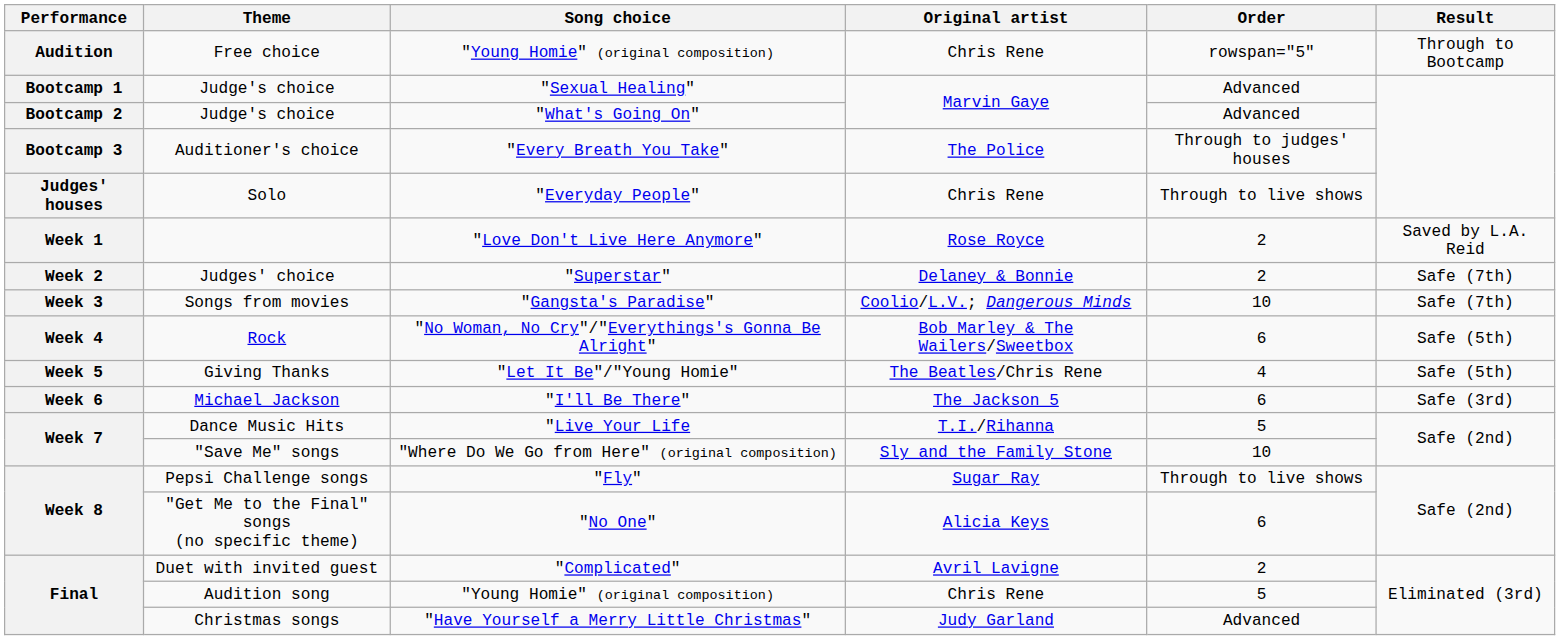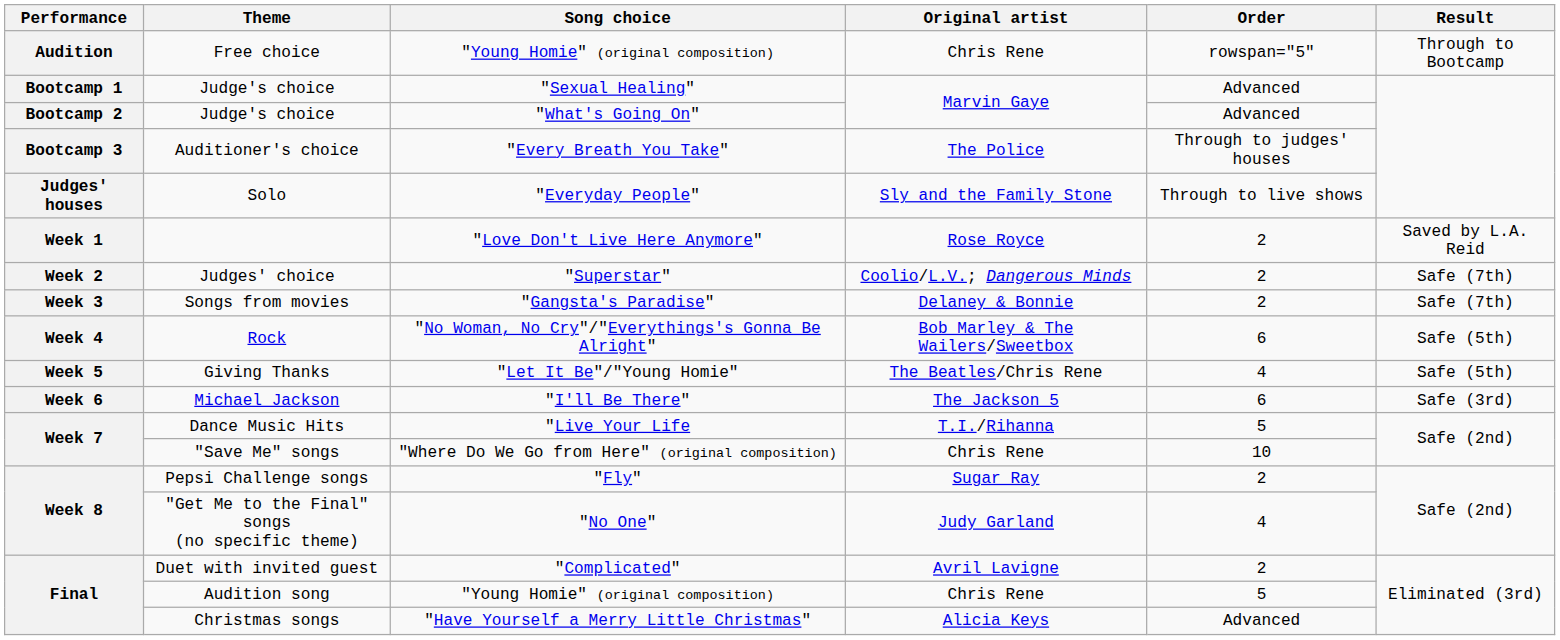 <table class="wikitable" style="text-align: center;">
 <tr>
 <th>Performance</th>
 <th>Theme</th>
 <th>Song choice</th>
 <th>Original artist</th>
 <th>Order</th>
 <th>Result</th>
 </tr>
 <tr>
 <th>Audition</th>
 <td>Free choice</td>
 <td>"<a href='#'>Young Homie</a>" <small>(original composition)</small></td>
 <td>Chris Rene</td>
 <td>rowspan="5" </td>
 <td>Through to Bootcamp</td>
 </tr>
 <tr>
 <th>Bootcamp 1</th>
 <td>Judge's choice</td>
 <td>"<a href='#'>Sexual Healing</a>"</td>
 <td rowspan="2"><a href='#'>Marvin Gaye</a></td>
 <td>Advanced</td>
 </tr>
 <tr>
 <th>Bootcamp 2</th>
 <td>Judge's choice</td>
 <td>"<a href='#'>What's Going On</a>"</td>
 <td>Advanced</td>
 </tr>
 <tr>
 <th>Bootcamp 3</th>
 <td>Auditioner's choice</td>
 <td>"<a href='#'>Every Breath You Take</a>"</td>
 <td><a href='#'>The Police</a></td>
 <td>Through to judges' houses</td>
 </tr>
 <tr>
 <th>Judges' houses</th>
 <td>Solo</td>
 <td>"<a href='#'>Everyday People</a>"</td>
-<td>Chris Rene</td>
+<td><a href='#'>Sly and the Family Stone</a></td>
 <td>Through to live shows</td>
 </tr>
 <tr>
 <th>Week 1</th>
 <td></td>
 <td>"<a href='#'>Love Don't Live Here Anymore</a>" </td>
 <td><a href='#'>Rose Royce</a></td>
 <td>2</td>
 <td>Saved by L.A. Reid</td>
 </tr>
 <tr>
 <th>Week 2</th>
 <td>Judges' choice</td>
 <td>"<a href='#'>Superstar</a>" </td>
-<td><a href='#'>Delaney & Bonnie</a></td>
+<td><a href='#'>Coolio</a>/<a href='#'>L.V.</a>; <em><a href='#'>Dangerous Minds</a></em></td>
 <td>2</td>
 <td>Safe (7th)</td>
 </tr>
 <tr>
 <th>Week 3</th>
 <td>Songs from movies</td>
 <td>"<a href='#'>Gangsta's Paradise</a>" </td>
-<td><a href='#'>Coolio</a>/<a href='#'>L.V.</a>; <em><a href='#'>Dangerous Minds</a></em></td>
-<td>10</td>
+<td><a href='#'>Delaney & Bonnie</a></td>
+<td>2</td>
 <td>Safe (7th)</td>
 </tr>
 <tr>
 <th>Week 4</th>
 <td><a href='#'>Rock</a></td>
 <td>"<a href='#'>No Woman, No Cry</a>"/"<a href='#'>Everythings's Gonna Be Alright</a>"</td>
 <td><a href='#'>Bob Marley & The Wailers</a>/<a href='#'>Sweetbox</a></td>
 <td>6</td>
 <td>Safe (5th)</td>
 </tr>
 <tr>
 <th>Week 5</th>
 <td>Giving Thanks</td>
 <td>"<a href='#'>Let It Be</a>"/"Young Homie"</td>
 <td><a href='#'>The Beatles</a>/Chris Rene</td>
 <td>4</td>
 <td>Safe (5th)</td>
 </tr>
 <tr>
 <th>Week 6</th>
 <td><a href='#'>Michael Jackson</a></td>
 <td>"<a href='#'>I'll Be There</a>"</td>
 <td><a href='#'>The Jackson 5</a></td>
 <td>6</td>
 <td>Safe (3rd)</td>
 </tr>
 <tr>
 <th rowspan="2">Week 7</th>
 <td>Dance Music Hits</td>
 <td>"<a href='#'>Live Your Life</a></td>
 <td><a href='#'>T.I.</a>/<a href='#'>Rihanna</a></td>
 <td>5</td>
 <td rowspan="2">Safe (2nd)</td>
 </tr>
 <tr>
 <td>"Save Me" songs</td>
 <td>"Where Do We Go from Here" <small>(original composition)</small></td>
-<td><a href='#'>Sly and the Family Stone</a></td>
+<td>Chris Rene</td>
 <td>10</td>
 </tr>
 <tr>
 <th rowspan="2">Week 8</th>
 <td>Pepsi Challenge songs</td>
 <td>"<a href='#'>Fly</a>"</td>
 <td><a href='#'>Sugar Ray</a></td>
-<td>Through to live shows</td>
+<td>2</td>
 <td rowspan="2">Safe (2nd)</td>
 </tr>
 <tr>
 <td>"Get Me to the Final" songs <br>(no specific theme)</td>
 <td>"<a href='#'>No One</a>" </td>
-<td><a href='#'>Alicia Keys</a></td>
-<td>6</td>
+<td><a href='#'>Judy Garland</a></td>
+<td>4</td>
 </tr>
 <tr>
 <th rowspan="3" scope="row">Final</th>
 <td>Duet with invited guest</td>
 <td>"<a href='#'>Complicated</a>" </td>
 <td><a href='#'>Avril Lavigne</a></td>
 <td>2</td>
 <td rowspan="4">Eliminated (3rd)</td>
 </tr>
 <tr>
 <td>Audition song</td>
 <td>"Young Homie" <small>(original composition)</small></td>
 <td>Chris Rene</td>
 <td>5</td>
 </tr>
 <tr>
 <td>Christmas songs</td>
 <td>"<a href='#'>Have Yourself a Merry Little Christmas</a>"</td>
-<td><a href='#'>Judy Garland</a></td>
+<td><a href='#'>Alicia Keys</a></td>
 <td>Advanced</td>
 </tr>
 </table>
